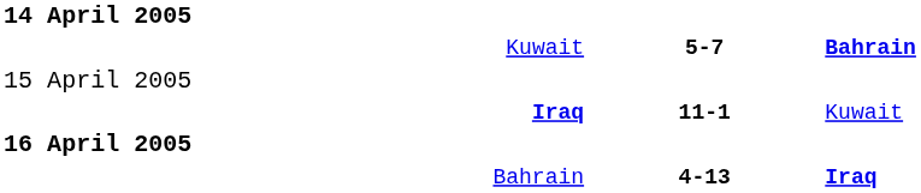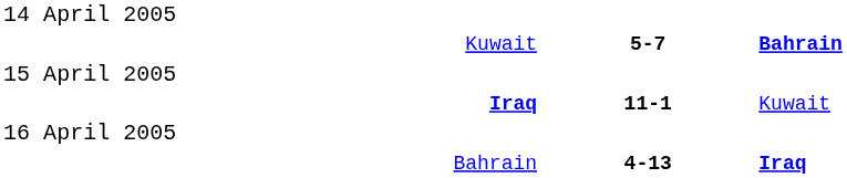 <table width=100% cellspacing=1>
 <tr>
 <th width=25%></th>
 <th width=10%></th>
 <th></th>
 </tr>
 <tr>
-<td><strong>14 April 2005</strong></td>
+<td>14 April 2005</td>
 </tr>
 <tr style=font-size:90%>
 <td align=right><a href='#'>Kuwait</a> </td>
 <td align=center><strong>5-7</strong></td>
 <td><strong> <a href='#'>Bahrain</a></strong></td>
 </tr>
 <tr>
 <td>15 April 2005</td>
 </tr>
 <tr style=font-size:90%>
 <td align=right><strong><a href='#'>Iraq</a> </strong></td>
 <td align=center><strong>11-1</strong></td>
 <td> <a href='#'>Kuwait</a></td>
 </tr>
 <tr>
-<td><strong>16 April 2005</strong></td>
+<td>16 April 2005</td>
 </tr>
 <tr style=font-size:90%>
 <td align=right><a href='#'>Bahrain</a> </td>
 <td align=center><strong>4-13</strong></td>
 <td><strong> <a href='#'>Iraq</a></strong></td>
 </tr>
 </table>
